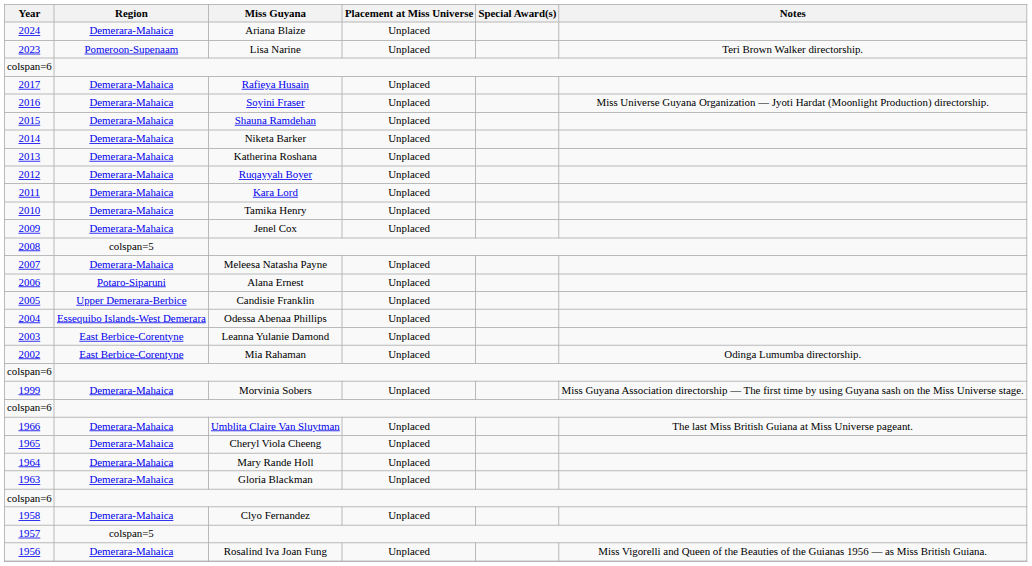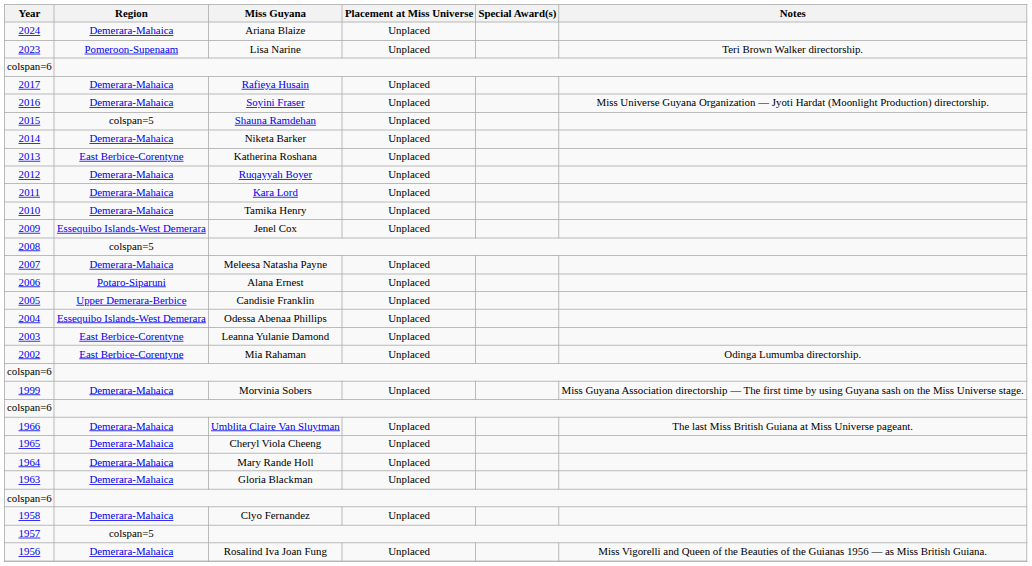 <table class="wikitable " style="font-size: 85%; text-align:center;">
 <tr>
 <th>Year</th>
 <th>Region</th>
 <th>Miss Guyana</th>
 <th>Placement at Miss Universe</th>
 <th>Special Award(s)</th>
 <th>Notes</th>
 </tr>
 <tr>
 <td><a href='#'>2024</a></td>
 <td><a href='#'>Demerara-Mahaica</a></td>
 <td>Ariana Blaize</td>
 <td>Unplaced</td>
 <td></td>
 <td></td>
 </tr>
 <tr>
 <td><a href='#'>2023</a></td>
 <td><a href='#'>Pomeroon-Supenaam</a></td>
 <td>Lisa Narine</td>
 <td>Unplaced</td>
 <td></td>
 <td>Teri Brown Walker directorship.</td>
 </tr>
 <tr>
 <td>colspan=6 </td>
 </tr>
 <tr>
 <td><a href='#'>2017</a></td>
 <td><a href='#'>Demerara-Mahaica</a></td>
 <td><a href='#'>Rafieya Husain</a></td>
 <td>Unplaced</td>
 <td></td>
 <td></td>
 </tr>
 <tr>
 <td><a href='#'>2016</a></td>
 <td><a href='#'>Demerara-Mahaica</a></td>
 <td><a href='#'>Soyini Fraser</a></td>
 <td>Unplaced</td>
 <td></td>
 <td>Miss Universe Guyana Organization — Jyoti Hardat (Moonlight Production) directorship.</td>
 </tr>
 <tr>
 <td><a href='#'>2015</a></td>
-<td><a href='#'>Demerara-Mahaica</a></td>
+<td>colspan=5 </td>
 <td><a href='#'>Shauna Ramdehan</a></td>
 <td>Unplaced</td>
 <td></td>
 <td></td>
 </tr>
 <tr>
 <td><a href='#'>2014</a></td>
 <td><a href='#'>Demerara-Mahaica</a></td>
 <td>Niketa Barker</td>
 <td>Unplaced</td>
 <td></td>
 <td></td>
 </tr>
 <tr>
 <td><a href='#'>2013</a></td>
-<td><a href='#'>Demerara-Mahaica</a></td>
+<td><a href='#'>East Berbice-Corentyne</a></td>
 <td>Katherina Roshana</td>
 <td>Unplaced</td>
 <td></td>
 <td></td>
 </tr>
 <tr>
 <td><a href='#'>2012</a></td>
 <td><a href='#'>Demerara-Mahaica</a></td>
 <td><a href='#'>Ruqayyah Boyer</a></td>
 <td>Unplaced</td>
 <td></td>
 <td></td>
 </tr>
 <tr>
 <td><a href='#'>2011</a></td>
 <td><a href='#'>Demerara-Mahaica</a></td>
 <td><a href='#'>Kara Lord</a></td>
 <td>Unplaced</td>
 <td></td>
 <td></td>
 </tr>
 <tr>
 <td><a href='#'>2010</a></td>
 <td><a href='#'>Demerara-Mahaica</a></td>
 <td>Tamika Henry</td>
 <td>Unplaced</td>
 <td></td>
 <td></td>
 </tr>
 <tr>
 <td><a href='#'>2009</a></td>
-<td><a href='#'>Demerara-Mahaica</a></td>
+<td><a href='#'>Essequibo Islands-West Demerara</a></td>
 <td>Jenel Cox</td>
 <td>Unplaced</td>
 <td></td>
 <td></td>
 </tr>
 <tr>
 <td><a href='#'>2008</a></td>
 <td>colspan=5 </td>
 </tr>
 <tr>
 <td><a href='#'>2007</a></td>
 <td><a href='#'>Demerara-Mahaica</a></td>
 <td>Meleesa Natasha Payne</td>
 <td>Unplaced</td>
 <td></td>
 <td></td>
 </tr>
 <tr>
 <td><a href='#'>2006</a></td>
 <td><a href='#'>Potaro-Siparuni</a></td>
 <td>Alana Ernest</td>
 <td>Unplaced</td>
 <td></td>
 <td></td>
 </tr>
 <tr>
 <td><a href='#'>2005</a></td>
 <td><a href='#'>Upper Demerara-Berbice</a></td>
 <td>Candisie Franklin</td>
 <td>Unplaced</td>
 <td></td>
 <td></td>
 </tr>
 <tr>
 <td><a href='#'>2004</a></td>
 <td><a href='#'>Essequibo Islands-West Demerara</a></td>
 <td>Odessa Abenaa Phillips</td>
 <td>Unplaced</td>
 <td></td>
 <td></td>
 </tr>
 <tr>
 <td><a href='#'>2003</a></td>
 <td><a href='#'>East Berbice-Corentyne</a></td>
 <td>Leanna Yulanie Damond</td>
 <td>Unplaced</td>
 <td></td>
 <td></td>
 </tr>
 <tr>
 <td><a href='#'>2002</a></td>
 <td><a href='#'>East Berbice-Corentyne</a></td>
 <td>Mia Rahaman</td>
 <td>Unplaced</td>
 <td></td>
 <td>Odinga Lumumba directorship.</td>
 </tr>
 <tr>
 <td>colspan=6 </td>
 </tr>
 <tr>
 <td><a href='#'>1999</a></td>
 <td><a href='#'>Demerara-Mahaica</a></td>
 <td>Morvinia Sobers</td>
 <td>Unplaced</td>
 <td></td>
 <td>Miss Guyana Association directorship ― The first time by using Guyana sash on the Miss Universe stage.</td>
 </tr>
 <tr>
 <td>colspan=6 </td>
 </tr>
 <tr>
 <td><a href='#'>1966</a></td>
 <td><a href='#'>Demerara-Mahaica</a></td>
 <td><a href='#'>Umblita Claire Van Sluytman</a></td>
 <td>Unplaced</td>
 <td></td>
 <td>The last Miss British Guiana at Miss Universe pageant.</td>
 </tr>
 <tr>
 <td><a href='#'>1965</a></td>
 <td><a href='#'>Demerara-Mahaica</a></td>
 <td>Cheryl Viola Cheeng</td>
 <td>Unplaced</td>
 <td></td>
 <td></td>
 </tr>
 <tr>
 <td><a href='#'>1964</a></td>
 <td><a href='#'>Demerara-Mahaica</a></td>
 <td>Mary Rande Holl</td>
 <td>Unplaced</td>
 <td></td>
 <td></td>
 </tr>
 <tr>
 <td><a href='#'>1963</a></td>
 <td><a href='#'>Demerara-Mahaica</a></td>
 <td>Gloria Blackman</td>
 <td>Unplaced</td>
 <td></td>
 <td></td>
 </tr>
 <tr>
 <td>colspan=6 </td>
 </tr>
 <tr>
 <td><a href='#'>1958</a></td>
 <td><a href='#'>Demerara-Mahaica</a></td>
 <td>Clyo Fernandez</td>
 <td>Unplaced</td>
 <td></td>
 <td></td>
 </tr>
 <tr>
 <td><a href='#'>1957</a></td>
 <td>colspan=5 </td>
 </tr>
 <tr>
 <td><a href='#'>1956</a></td>
 <td><a href='#'>Demerara-Mahaica</a></td>
 <td>Rosalind Iva Joan Fung</td>
 <td>Unplaced</td>
 <td></td>
 <td>Miss Vigorelli and Queen of the Beauties of the Guianas 1956 ― as Miss British Guiana.</td>
 </tr>
 <tr>
 </tr>
 </table>
